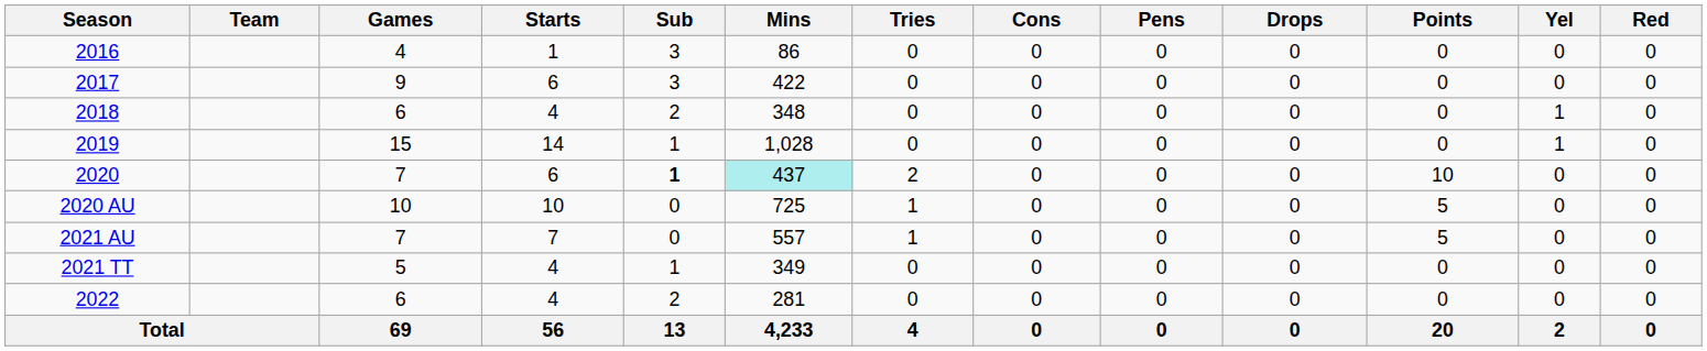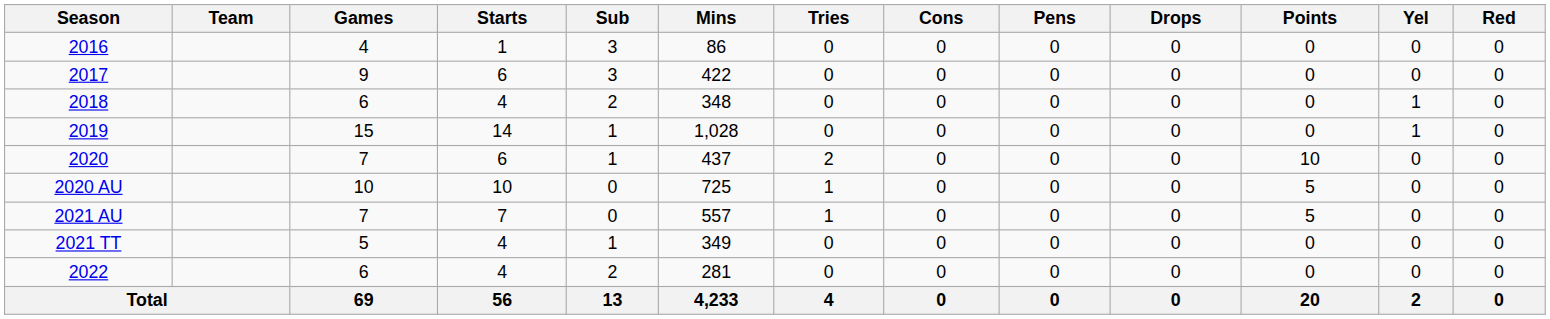 <table class="wikitable" style="text-align:center; width:70%;">
 <tr>
 <th>Season</th>
 <th>Team</th>
 <th>Games</th>
 <th>Starts</th>
 <th>Sub</th>
 <th>Mins</th>
 <th>Tries</th>
 <th>Cons</th>
 <th>Pens</th>
 <th>Drops</th>
 <th>Points</th>
 <th>Yel</th>
 <th>Red</th>
 </tr>
 <tr>
 <td><a href='#'>2016</a></td>
 <td></td>
 <td>4</td>
 <td>1</td>
 <td>3</td>
 <td>86</td>
 <td>0</td>
 <td>0</td>
 <td>0</td>
 <td>0</td>
 <td>0</td>
 <td>0</td>
 <td>0</td>
 </tr>
 <tr>
 <td><a href='#'>2017</a></td>
 <td></td>
 <td>9</td>
 <td>6</td>
 <td>3</td>
 <td>422</td>
 <td>0</td>
 <td>0</td>
 <td>0</td>
 <td>0</td>
 <td>0</td>
 <td>0</td>
 <td>0</td>
 </tr>
 <tr>
 <td><a href='#'>2018</a></td>
 <td></td>
 <td>6</td>
 <td>4</td>
 <td>2</td>
 <td>348</td>
 <td>0</td>
 <td>0</td>
 <td>0</td>
 <td>0</td>
 <td>0</td>
 <td>1</td>
 <td>0</td>
 </tr>
 <tr>
 <td><a href='#'>2019</a></td>
 <td></td>
 <td>15</td>
 <td>14</td>
 <td>1</td>
 <td>1,028</td>
 <td>0</td>
 <td>0</td>
 <td>0</td>
 <td>0</td>
 <td>0</td>
 <td>1</td>
 <td>0</td>
 </tr>
 <tr>
 <td><a href='#'>2020</a></td>
 <td></td>
 <td>7</td>
 <td>6</td>
-<td><strong>1</strong></td>
-<td style="background: paleturquoise;">437</td>
+<td>1</td>
+<td>437</td>
 <td>2</td>
 <td>0</td>
 <td>0</td>
 <td>0</td>
 <td>10</td>
 <td>0</td>
 <td>0</td>
 </tr>
 <tr>
 <td><a href='#'>2020 AU</a></td>
 <td></td>
 <td>10</td>
 <td>10</td>
 <td>0</td>
 <td>725</td>
 <td>1</td>
 <td>0</td>
 <td>0</td>
 <td>0</td>
 <td>5</td>
 <td>0</td>
 <td>0</td>
 </tr>
 <tr>
 <td><a href='#'>2021 AU</a></td>
 <td></td>
 <td>7</td>
 <td>7</td>
 <td>0</td>
 <td>557</td>
 <td>1</td>
 <td>0</td>
 <td>0</td>
 <td>0</td>
 <td>5</td>
 <td>0</td>
 <td>0</td>
 </tr>
 <tr>
 <td><a href='#'>2021 TT</a></td>
 <td></td>
 <td>5</td>
 <td>4</td>
 <td>1</td>
 <td>349</td>
 <td>0</td>
 <td>0</td>
 <td>0</td>
 <td>0</td>
 <td>0</td>
 <td>0</td>
 <td>0</td>
 </tr>
 <tr>
 <td><a href='#'>2022</a></td>
 <td></td>
 <td>6</td>
 <td>4</td>
 <td>2</td>
 <td>281</td>
 <td>0</td>
 <td>0</td>
 <td>0</td>
 <td>0</td>
 <td>0</td>
 <td>0</td>
 <td>0</td>
 </tr>
 <tr>
 <th colspan="2">Total</th>
 <th>69</th>
 <th>56</th>
 <th>13</th>
 <th>4,233</th>
 <th>4</th>
 <th>0</th>
 <th>0</th>
 <th>0</th>
 <th>20</th>
 <th>2</th>
 <th>0</th>
 </tr>
 </table>
